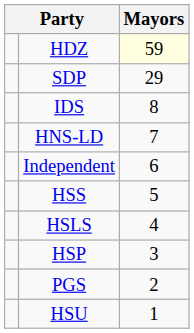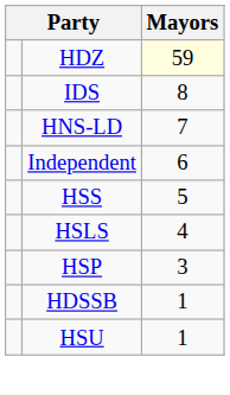 <table class="wikitable sortable">
 <tr>
 <th colspan="2" class="sortable">Party</th>
 <th class="sortable">Mayors</th>
 </tr>
 <tr>
 <td width="5px" style="background-color:"></td>
 <td align="center"><a href='#'>HDZ</a></td>
 <td align="center" style="background: lightyellow;">59</td>
-</tr>
-<tr>
-<td width="5px" style="background-color:"></td>
-<td align="center"><a href='#'>SDP</a></td>
-<td align="center">29</td>
 </tr>
 <tr>
 <td width="5px" style="background-color:"></td>
 <td align="center"><a href='#'>IDS</a></td>
 <td align="center">8</td>
 </tr>
 <tr>
 <td width=5px style="background-color:"></td>
 <td align="center"><a href='#'>HNS-LD</a></td>
 <td align="center">7</td>
 </tr>
 <tr>
 <td width="5px" style="background-color:"></td>
 <td align="center"><a href='#'>Independent</a></td>
 <td align="center">6</td>
 </tr>
 <tr>
 <td width="5px" style="background-color:"></td>
 <td align="center"><a href='#'>HSS</a></td>
 <td align="center">5</td>
 </tr>
 <tr>
 <td width="5px" style="background-color:"></td>
 <td align="center"><a href='#'>HSLS</a></td>
 <td align="center">4</td>
 </tr>
 <tr>
 <td width="5px" style="background-color:"></td>
 <td align="center"><a href='#'>HSP</a></td>
 <td align="center">3</td>
 </tr>
 <tr>
-<td width=5px style="background-color:"></td>
-<td align="center"><a href='#'>PGS</a></td>
-<td align="center">2</td>
+<td width="5px" style="background-color:"></td>
+<td align="center"><a href='#'>HDSSB</a></td>
+<td align="center">1</td>
 </tr>
 <tr>
 <td width="5px" style="background-color:"></td>
 <td align="center"><a href='#'>HSU</a></td>
 <td align="center">1</td>
 </tr>
 </table>
